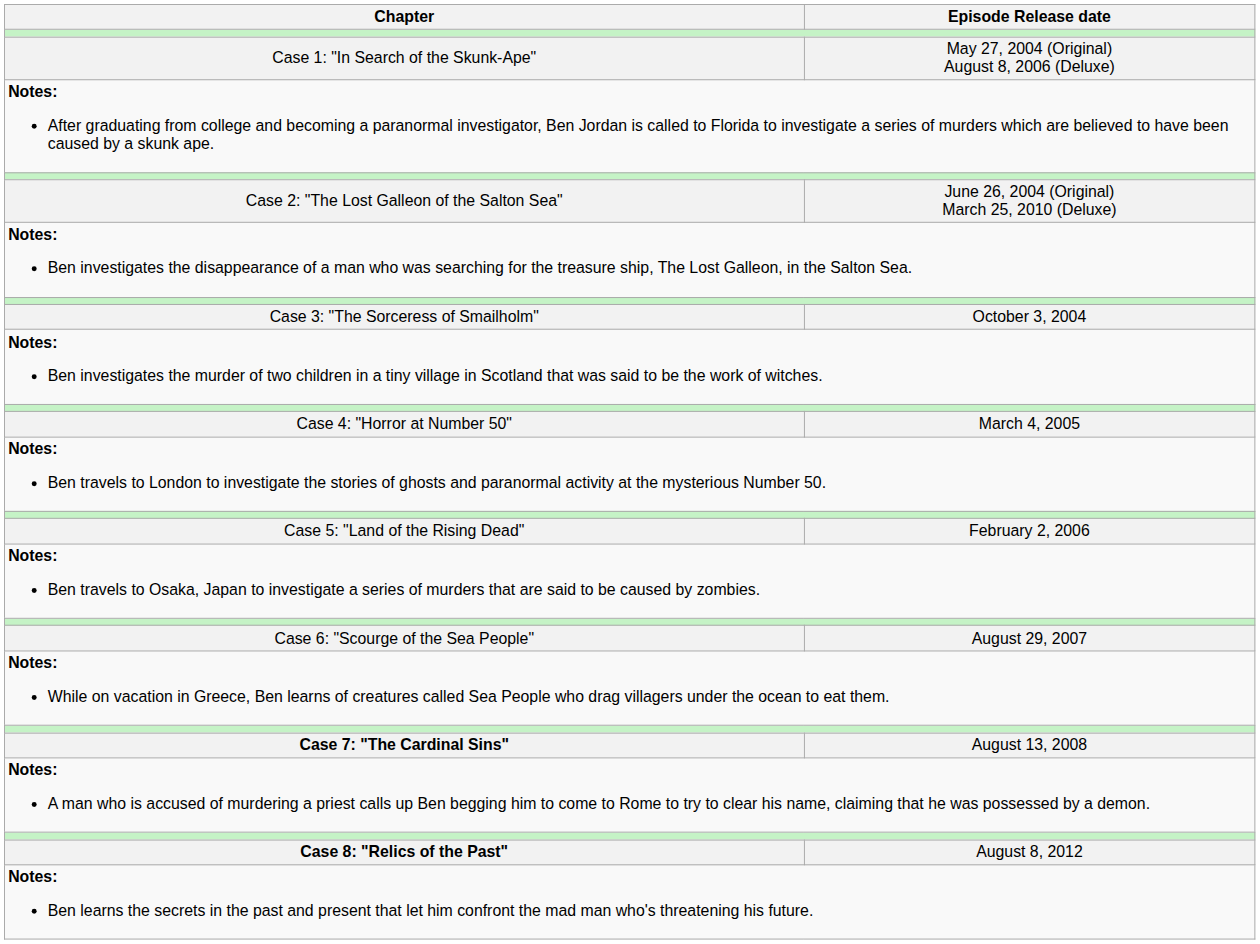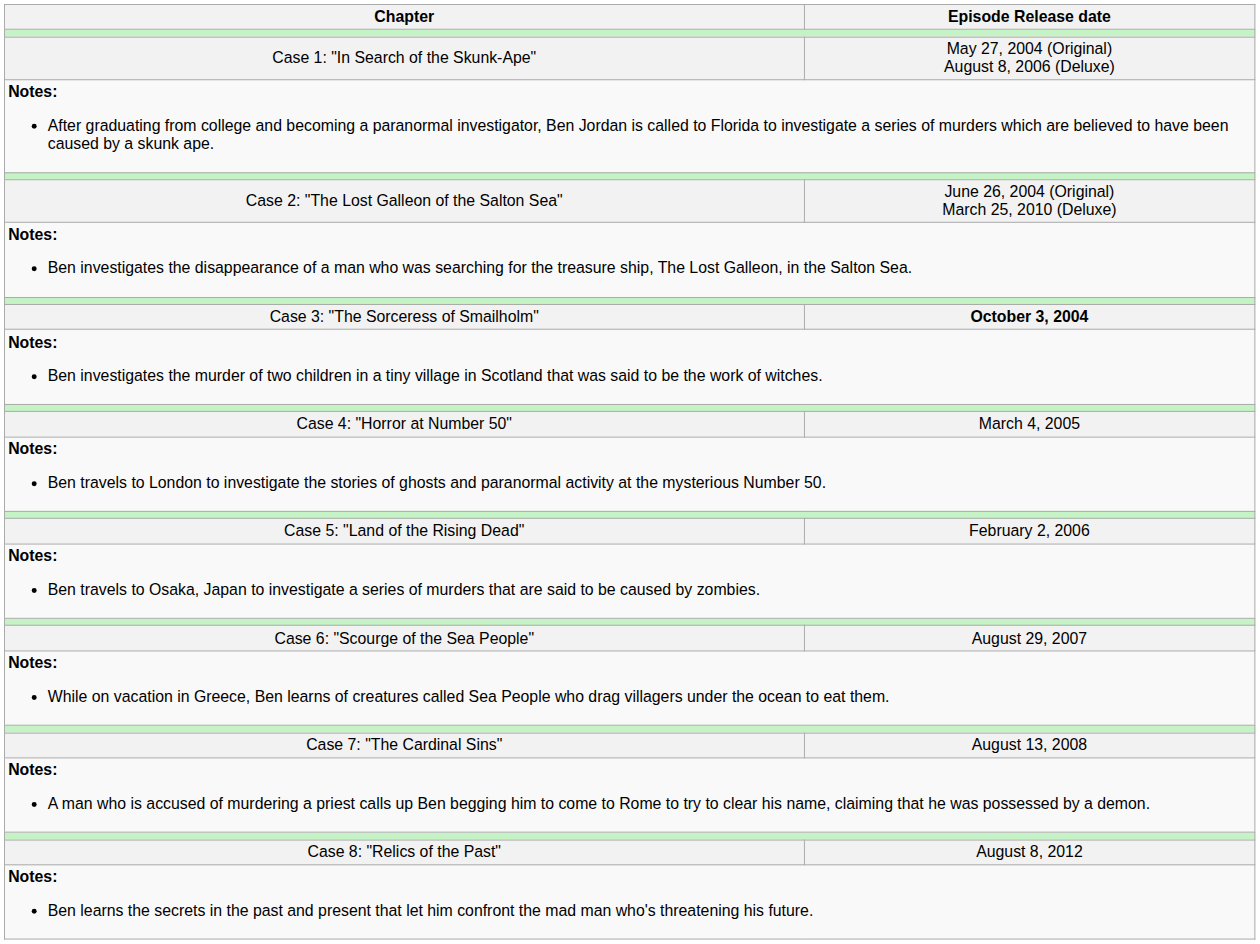 <table class="wikitable" style="width:100%;">
 <tr style="text-align: center;">
 <th>Chapter</th>
 <th>Episode Release date</th>
 </tr>
 <tr>
 <td colspan="3" style="background:#c5f3c6;"></td>
 </tr>
 <tr style="background:#f2f2f2; text-align:center;">
 <td>Case 1: "In Search of the Skunk-Ape"</td>
 <td>May 27, 2004 (Original)<br>August 8, 2006 (Deluxe)</td>
 </tr>
 <tr>
 <td colspan="3" style="border: none; vertical-align: top;"><strong>Notes:</strong><br><ul><li>After graduating from college and becoming a paranormal investigator, Ben Jordan is called to Florida to investigate a series of murders which are believed to have been caused by a skunk ape.</li></ul></td>
 </tr>
 <tr>
 <td colspan="3" style="background:#c5f3c6;"></td>
 </tr>
 <tr style="background:#f2f2f2; text-align:center;">
 <td>Case 2: "The Lost Galleon of the Salton Sea"</td>
 <td>June 26, 2004 (Original)<br>March 25, 2010 (Deluxe)</td>
 </tr>
 <tr>
 <td colspan="3" style="border: none; vertical-align: top;"><strong>Notes:</strong><br><ul><li>Ben investigates the disappearance of a man who was searching for the treasure ship, The Lost Galleon, in the Salton Sea.</li></ul></td>
 </tr>
 <tr>
 <td colspan="3" style="background:#c5f3c6;"></td>
 </tr>
 <tr style="background:#f2f2f2; text-align:center;">
 <td>Case 3: "The Sorceress of Smailholm"</td>
-<td>October 3, 2004</td>
+<td><strong>October 3, 2004</strong></td>
 </tr>
 <tr>
 <td colspan="3" style="border: none; vertical-align: top;"><strong>Notes:</strong><br><ul><li>Ben investigates the murder of two children in a tiny village in Scotland that was said to be the work of witches.</li></ul></td>
 </tr>
 <tr>
 <td colspan="3" style="background:#c5f3c6;"></td>
 </tr>
 <tr style="background:#f2f2f2; text-align:center;">
 <td>Case 4: "Horror at Number 50"</td>
 <td>March 4, 2005</td>
 </tr>
 <tr>
 <td colspan="3" style="border: none; vertical-align: top;"><strong>Notes:</strong><br><ul><li>Ben travels to London to investigate the stories of ghosts and paranormal activity at the mysterious Number 50.</li></ul></td>
 </tr>
 <tr>
 <td colspan="3" style="background:#c5f3c6;"></td>
 </tr>
 <tr style="background:#f2f2f2; text-align:center;">
 <td>Case 5: "Land of the Rising Dead"</td>
 <td>February 2, 2006</td>
 </tr>
 <tr>
 <td colspan="3" style="border: none; vertical-align: top;"><strong>Notes:</strong><br><ul><li>Ben travels to Osaka, Japan to investigate a series of murders that are said to be caused by zombies.</li></ul></td>
 </tr>
 <tr>
 <td colspan="3" style="background:#c5f3c6;"></td>
 </tr>
 <tr style="background:#f2f2f2; text-align:center;">
 <td>Case 6: "Scourge of the Sea People"</td>
 <td>August 29, 2007</td>
 </tr>
 <tr>
 <td colspan="3" style="border: none; vertical-align: top;"><strong>Notes:</strong><br><ul><li>While on vacation in Greece, Ben learns of creatures called Sea People who drag villagers under the ocean to eat them.</li></ul></td>
 </tr>
 <tr>
 <td colspan="3" style="background:#c5f3c6;"></td>
 </tr>
 <tr style="background:#f2f2f2; text-align:center;">
-<td><strong>Case 7: "The Cardinal Sins"</strong></td>
+<td>Case 7: "The Cardinal Sins"</td>
 <td>August 13, 2008</td>
 </tr>
 <tr>
 <td colspan="3" style="border: none; vertical-align: top;"><strong>Notes:</strong><br><ul><li>A man who is accused of murdering a priest calls up Ben begging him to come to Rome to try to clear his name, claiming that he was possessed by a demon.</li></ul></td>
 </tr>
 <tr>
 <td colspan="3" style="background:#c5f3c6;"></td>
 </tr>
 <tr style="background:#f2f2f2; text-align:center;">
-<td><strong>Case 8: "Relics of the Past"</strong></td>
+<td>Case 8: "Relics of the Past"</td>
 <td>August 8, 2012</td>
 </tr>
 <tr>
 <td colspan="3" style="border: none; vertical-align: top;"><strong>Notes:</strong><br><ul><li>Ben learns the secrets in the past and present that let him confront the mad man who's threatening his future.</li></ul></td>
 </tr>
 </table>
